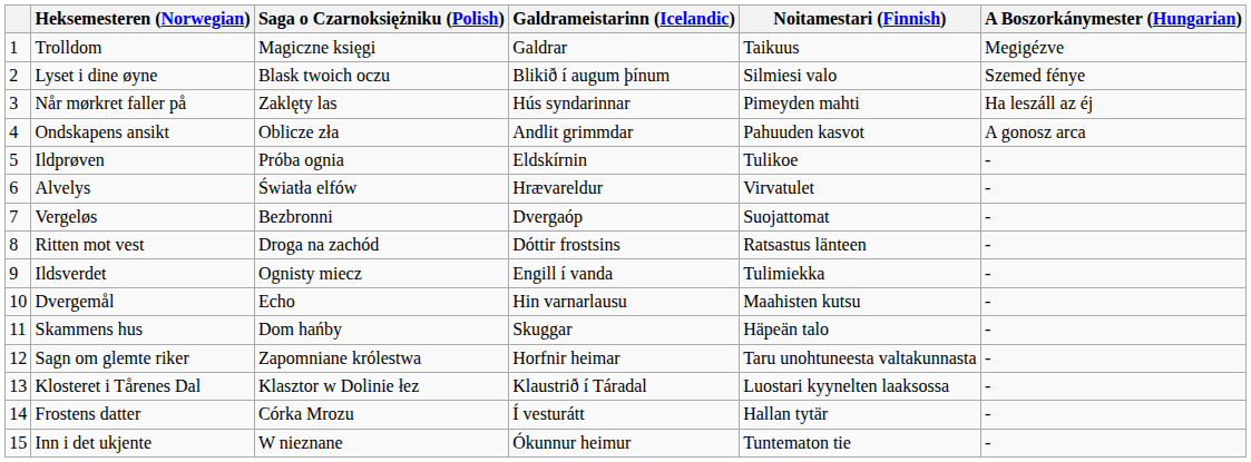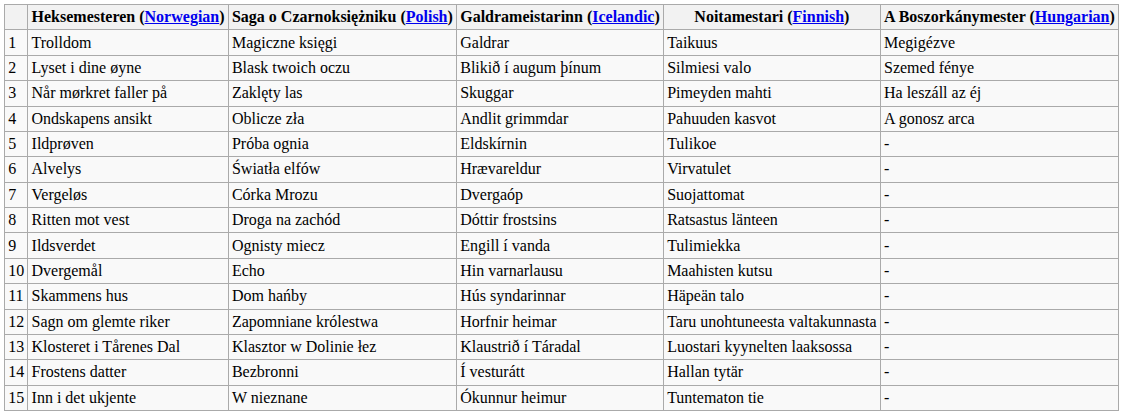 <table class="wikitable">
 <tr ---->
 <th></th>
 <th>Heksemesteren (<a href='#'>Norwegian</a>)</th>
 <th>Saga o Czarnoksiężniku (<a href='#'>Polish</a>)</th>
 <th>Galdrameistarinn (<a href='#'>Icelandic</a>)</th>
 <th>Noitamestari (<a href='#'>Finnish</a>)</th>
 <th>A Boszorkánymester (<a href='#'>Hungarian</a>)</th>
 </tr>
 <tr ---->
 <td>1</td>
 <td>Trolldom</td>
 <td>Magiczne księgi</td>
 <td>Galdrar</td>
 <td>Taikuus</td>
 <td>Megigézve</td>
 </tr>
 <tr ---->
 <td>2</td>
 <td>Lyset i dine øyne</td>
 <td>Blask twoich oczu</td>
 <td>Blikið í augum þínum</td>
 <td>Silmiesi valo</td>
 <td>Szemed fénye</td>
 </tr>
 <tr ---->
 <td>3</td>
 <td>Når mørkret faller på</td>
 <td>Zaklęty las</td>
-<td>Hús syndarinnar</td>
+<td>Skuggar</td>
 <td>Pimeyden mahti</td>
 <td>Ha leszáll az éj</td>
 </tr>
 <tr ---->
 <td>4</td>
 <td>Ondskapens ansikt</td>
 <td>Oblicze zła</td>
 <td>Andlit grimmdar</td>
 <td>Pahuuden kasvot</td>
 <td>A gonosz arca</td>
 </tr>
 <tr ---->
 <td>5</td>
 <td>Ildprøven</td>
 <td>Próba ognia</td>
 <td>Eldskírnin</td>
 <td>Tulikoe</td>
 <td>-</td>
 </tr>
 <tr ---->
 <td>6</td>
 <td>Alvelys</td>
 <td>Światła elfów</td>
 <td>Hrævareldur</td>
 <td>Virvatulet</td>
 <td>-</td>
 </tr>
 <tr ---->
 <td>7</td>
 <td>Vergeløs</td>
-<td>Bezbronni</td>
+<td>Córka Mrozu</td>
 <td>Dvergaóp</td>
 <td>Suojattomat</td>
 <td>-</td>
 </tr>
 <tr ---->
 <td>8</td>
 <td>Ritten mot vest</td>
 <td>Droga na zachód</td>
 <td>Dóttir frostsins</td>
 <td>Ratsastus länteen</td>
 <td>-</td>
 </tr>
 <tr ---->
 <td>9</td>
 <td>Ildsverdet</td>
 <td>Ognisty miecz</td>
 <td>Engill í vanda</td>
 <td>Tulimiekka</td>
 <td>-</td>
 </tr>
 <tr ---->
 <td>10</td>
 <td>Dvergemål</td>
 <td>Echo</td>
 <td>Hin varnarlausu</td>
 <td>Maahisten kutsu</td>
 <td>-</td>
 </tr>
 <tr ---->
 <td>11</td>
 <td>Skammens hus</td>
 <td>Dom hańby</td>
-<td>Skuggar</td>
+<td>Hús syndarinnar</td>
 <td>Häpeän talo</td>
 <td>-</td>
 </tr>
 <tr ---->
 <td>12</td>
 <td>Sagn om glemte riker</td>
 <td>Zapomniane królestwa</td>
 <td>Horfnir heimar</td>
 <td>Taru unohtuneesta valtakunnasta</td>
 <td>-</td>
 </tr>
 <tr ---->
 <td>13</td>
 <td>Klosteret i Tårenes Dal</td>
 <td>Klasztor w Dolinie łez</td>
 <td>Klaustrið í Táradal</td>
 <td>Luostari kyynelten laaksossa</td>
 <td>-</td>
 </tr>
 <tr ---->
 <td>14</td>
 <td>Frostens datter</td>
-<td>Córka Mrozu</td>
+<td>Bezbronni</td>
 <td>Í vesturátt</td>
 <td>Hallan tytär</td>
 <td>-</td>
 </tr>
 <tr ---->
 <td>15</td>
 <td>Inn i det ukjente</td>
 <td>W nieznane</td>
 <td>Ókunnur heimur</td>
 <td>Tuntematon tie</td>
 <td>-</td>
 </tr>
 <tr>
 </tr>
 </table>
